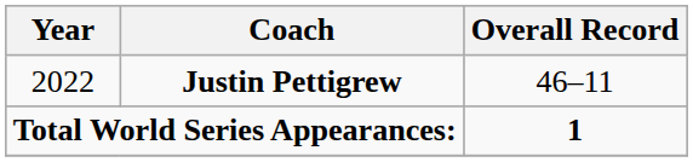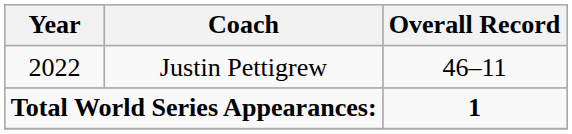 <table class="wikitable" style="text-align:center">
 <tr>
 <th>Year</th>
 <th>Coach</th>
 <th>Overall Record</th>
 </tr>
 <tr align="center">
 <td>2022</td>
-<td><strong>Justin Pettigrew</strong></td>
+<td>Justin Pettigrew</td>
 <td>46–11</td>
 </tr>
 <tr align="center">
 <td colspan=2><strong>Total World Series Appearances:</strong></td>
 <td colspan=1><strong>1</strong></td>
 </tr>
 <tr>
 </tr>
 </table>
